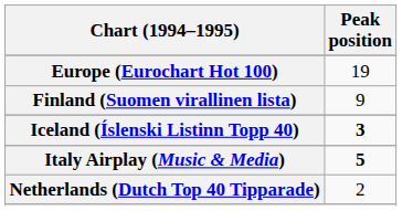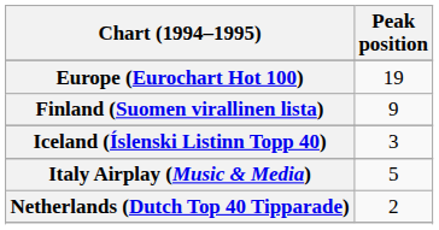 <table class="wikitable sortable plainrowheaders" style="text-align:center">
 <tr>
 <th scope="col">Chart (1994–1995)</th>
 <th scope="col">Peak<br>position</th>
 </tr>
 <tr>
 </tr>
 <tr>
 <th scope="row">Europe (<a href='#'>Eurochart Hot 100</a>)</th>
 <td>19</td>
 </tr>
 <tr>
 <th scope="row">Finland (<a href='#'>Suomen virallinen lista</a>)</th>
 <td>9</td>
 </tr>
 <tr>
 </tr>
 <tr>
 </tr>
 <tr>
 <th scope="row">Iceland (<a href='#'>Íslenski Listinn Topp 40</a>)</th>
-<td><strong>3</strong></td>
+<td>3</td>
 </tr>
 <tr>
 </tr>
 <tr>
 <th scope="row">Italy Airplay (<em><a href='#'>Music & Media</a></em>)</th>
-<td><strong>5</strong></td>
+<td>5</td>
 </tr>
 <tr>
 <th scope="row">Netherlands (<a href='#'>Dutch Top 40 Tipparade</a>)</th>
 <td>2</td>
 </tr>
 <tr>
 </tr>
 <tr>
 </tr>
 <tr>
 </tr>
 <tr>
 </tr>
 <tr>
 </tr>
 </table>
